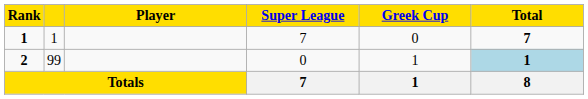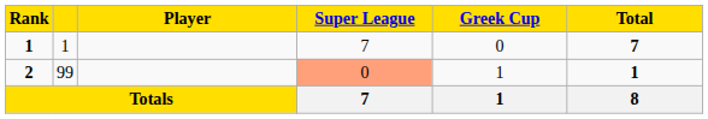 <table class="wikitable sortable" style="text-align:center">
 <tr>
 <th style="background:#FFDE00">Rank</th>
 <th style="background:#FFDE00"></th>
 <th width=200 style="background:#FFDE00">Player</th>
 <th width=120 style="background:#FFDE00"><a href='#'>Super League</a></th>
 <th width=120 style="background:#FFDE00"><a href='#'>Greek Cup</a></th>
 <th width=120 style="background:#FFDE00">Total</th>
 </tr>
 <tr>
 <td><strong>1</strong></td>
 <td>1</td>
 <td align=left></td>
 <td>7</td>
 <td>0</td>
 <td><strong>7</strong></td>
 </tr>
 <tr>
 <td><strong>2</strong></td>
 <td>99</td>
 <td align=left></td>
-<td>0</td>
+<td style="background: lightsalmon;">0</td>
 <td>1</td>
-<td style="background: lightblue;"><strong>1</strong></td>
+<td><strong>1</strong></td>
 </tr>
 <tr class="sortbottom">
 <th colspan=3 style="background:#FFDE00"><strong>Totals</strong></th>
 <th><strong>7</strong></th>
 <th><strong>1</strong></th>
 <th><strong>8</strong></th>
 </tr>
 </table>
